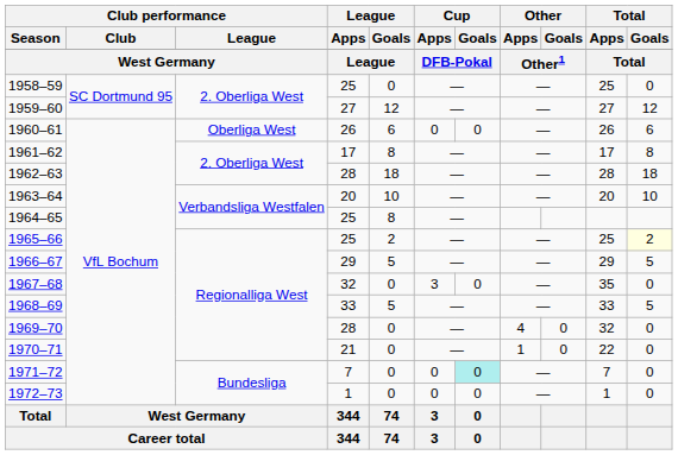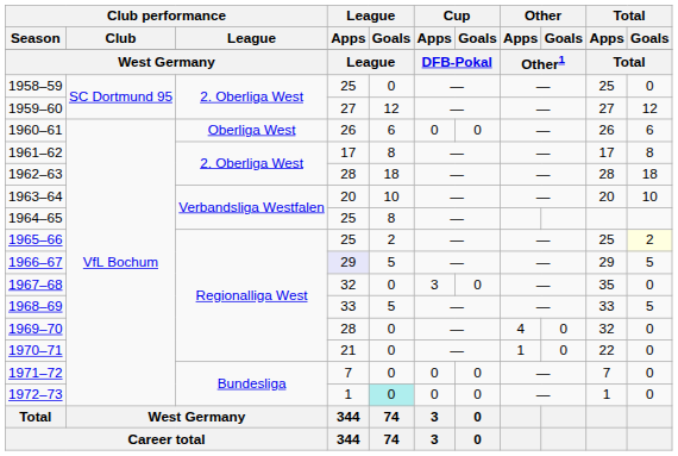 <table class="wikitable" style="text-align:center">
 <tr>
 <th colspan=3>Club performance</th>
 <th colspan=2>League</th>
 <th colspan=2>Cup</th>
 <th colspan=2>Other</th>
 <th colspan=2>Total</th>
 </tr>
 <tr>
 <th>Season</th>
 <th>Club</th>
 <th>League</th>
 <th>Apps</th>
 <th>Goals</th>
 <th>Apps</th>
 <th>Goals</th>
 <th>Apps</th>
 <th>Goals</th>
 <th>Apps</th>
 <th>Goals</th>
 </tr>
 <tr>
 </tr>
 <tr>
 <th colspan=3>West Germany</th>
 <th colspan=2>League</th>
 <th colspan=2><a href='#'>DFB-Pokal</a></th>
 <th colspan=2>Other<sup><a href='#'>1</a></sup></th>
 <th colspan=2>Total</th>
 </tr>
 <tr>
 <td>1958–59</td>
 <td rowspan="2"><a href='#'>SC Dortmund 95</a></td>
 <td rowspan="2"><a href='#'>2. Oberliga West</a></td>
 <td>25</td>
 <td>0</td>
 <td colspan="2">—</td>
 <td colspan="2">—</td>
 <td>25</td>
 <td>0</td>
 </tr>
 <tr>
 <td>1959–60</td>
 <td>27</td>
 <td>12</td>
 <td colspan="2">—</td>
 <td colspan="2">—</td>
 <td>27</td>
 <td>12</td>
 </tr>
 <tr>
 <td>1960–61</td>
 <td rowspan="13"><a href='#'>VfL Bochum</a></td>
 <td><a href='#'>Oberliga West</a></td>
 <td>26</td>
 <td>6</td>
 <td>0</td>
 <td>0</td>
 <td colspan="2">—</td>
 <td>26</td>
 <td>6</td>
 </tr>
 <tr>
 <td>1961–62</td>
 <td rowspan="2"><a href='#'>2. Oberliga West</a></td>
 <td>17</td>
 <td>8</td>
 <td colspan="2">—</td>
 <td colspan="2">—</td>
 <td>17</td>
 <td>8</td>
 </tr>
 <tr>
 <td>1962–63</td>
 <td>28</td>
 <td>18</td>
 <td colspan="2">—</td>
 <td colspan="2">—</td>
 <td>28</td>
 <td>18</td>
 </tr>
 <tr>
 <td>1963–64</td>
 <td rowspan="2"><a href='#'>Verbandsliga Westfalen</a></td>
 <td>20</td>
 <td>10</td>
 <td colspan="2">—</td>
 <td colspan="2">—</td>
 <td>20</td>
 <td>10</td>
 </tr>
 <tr>
 <td>1964–65</td>
 <td>25</td>
 <td>8</td>
 <td colspan="2">—</td>
 <td></td>
 <td></td>
 <td></td>
 <td></td>
 </tr>
 <tr>
 <td><a href='#'>1965–66</a></td>
 <td rowspan="6"><a href='#'>Regionalliga West</a></td>
 <td>25</td>
 <td>2</td>
 <td colspan="2">—</td>
 <td colspan="2">—</td>
 <td>25</td>
 <td style="background: lightyellow;">2</td>
 </tr>
 <tr>
 <td><a href='#'>1966–67</a></td>
-<td>29</td>
+<td style="background: lavender;">29</td>
 <td>5</td>
 <td colspan="2">—</td>
 <td colspan="2">—</td>
 <td>29</td>
 <td>5</td>
 </tr>
 <tr>
 <td><a href='#'>1967–68</a></td>
 <td>32</td>
 <td>0</td>
 <td>3</td>
 <td>0</td>
 <td colspan="2">—</td>
 <td>35</td>
 <td>0</td>
 </tr>
 <tr>
 <td><a href='#'>1968–69</a></td>
 <td>33</td>
 <td>5</td>
 <td colspan="2">—</td>
 <td colspan="2">—</td>
 <td>33</td>
 <td>5</td>
 </tr>
 <tr>
 <td><a href='#'>1969–70</a></td>
 <td>28</td>
 <td>0</td>
 <td colspan="2">—</td>
 <td>4</td>
 <td>0</td>
 <td>32</td>
 <td>0</td>
 </tr>
 <tr>
 <td><a href='#'>1970–71</a></td>
 <td>21</td>
 <td>0</td>
 <td colspan="2">—</td>
 <td>1</td>
 <td>0</td>
 <td>22</td>
 <td>0</td>
 </tr>
 <tr>
 <td><a href='#'>1971–72</a></td>
 <td rowspan="2"><a href='#'>Bundesliga</a></td>
 <td>7</td>
 <td>0</td>
 <td>0</td>
-<td style="background: paleturquoise;">0</td>
+<td>0</td>
 <td colspan="2">—</td>
 <td>7</td>
 <td>0</td>
 </tr>
 <tr>
 <td><a href='#'>1972–73</a></td>
 <td>1</td>
-<td>0</td>
+<td style="background: paleturquoise;">0</td>
 <td>0</td>
 <td>0</td>
 <td colspan="2">—</td>
 <td>1</td>
 <td>0</td>
 </tr>
 <tr>
 <th rowspan=1>Total</th>
 <th colspan=2>West Germany</th>
 <th>344</th>
 <th>74</th>
 <th>3</th>
 <th>0</th>
 <th></th>
 <th></th>
 <th></th>
 <th></th>
 </tr>
 <tr>
 <th colspan=3>Career total</th>
 <th>344</th>
 <th>74</th>
 <th>3</th>
 <th>0</th>
 <th></th>
 <th></th>
 <th></th>
 <th></th>
 </tr>
 </table>
